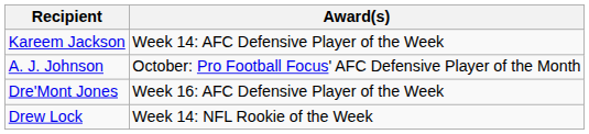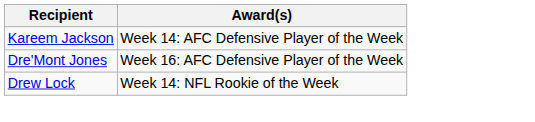 <table class="wikitable">
 <tr>
 <th>Recipient</th>
 <th>Award(s)</th>
 </tr>
 <tr>
 <td><a href='#'>Kareem Jackson</a></td>
 <td>Week 14: AFC Defensive Player of the Week</td>
 </tr>
 <tr>
-<td><a href='#'>A. J. Johnson</a></td>
-<td>October: <a href='#'>Pro Football Focus</a>' AFC Defensive Player of the Month</td>
-</tr>
-<tr>
 <td><a href='#'>Dre'Mont Jones</a></td>
 <td>Week 16: AFC Defensive Player of the Week</td>
 </tr>
 <tr>
 <td><a href='#'>Drew Lock</a></td>
 <td>Week 14: NFL Rookie of the Week</td>
 </tr>
 </table>
